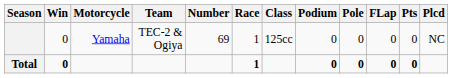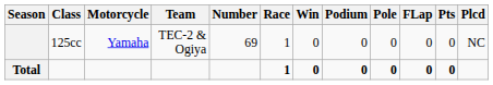 <table class="wikitable">
 <tr>
 <th>Season</th>
-<th>Win</th>
+<th>Class</th>
 <th>Motorcycle</th>
 <th>Team</th>
 <th>Number</th>
 <th>Race</th>
-<th>Class</th>
+<th>Win</th>
 <th>Podium</th>
 <th>Pole</th>
 <th>FLap</th>
 <th>Pts</th>
 <th>Plcd</th>
 </tr>
 <tr align="right">
 <th></th>
-<td>0</td>
+<td>125cc</td>
 <td><a href='#'>Yamaha</a></td>
 <td>TEC-2 & Ogiya</td>
 <td>69</td>
 <td>1</td>
-<td>125cc</td>
+<td>0</td>
 <td>0</td>
 <td>0</td>
 <td>0</td>
 <td>0</td>
 <td>NC</td>
 </tr>
 <tr align="right">
 <th>Total</th>
-<td><strong>0</strong></td>
+<td></td>
 <td></td>
 <td></td>
 <td></td>
 <td><strong>1</strong></td>
-<td></td>
+<td><strong>0</strong></td>
 <td><strong>0</strong></td>
 <td><strong>0</strong></td>
 <td><strong>0</strong></td>
 <td><strong>0</strong></td>
 <td></td>
 </tr>
 </table>
